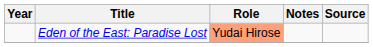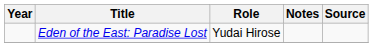 <table class="wikitable sortable plainrowheaders">
 <tr>
 <th>Year</th>
 <th>Title</th>
 <th>Role</th>
 <th class="unsortable">Notes</th>
 <th class="unsortable">Source</th>
 </tr>
 <tr>
 <td></td>
 <td><em><a href='#'>Eden of the East: Paradise Lost</a></em></td>
-<td style="background: lightsalmon;">Yudai Hirose</td>
+<td>Yudai Hirose</td>
 <td></td>
 <td></td>
 </tr>
 <tr>
 </tr>
 </table>
